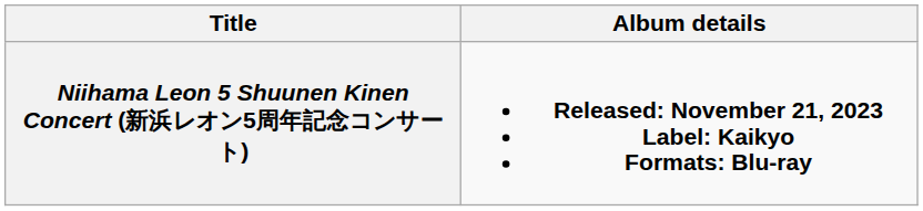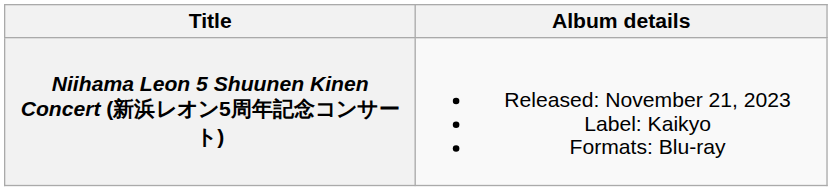 <table class="wikitable plainrowheaders" style="text-align:center;">
 <tr>
 <th scope="col" style="width:19em;">Title</th>
 <th scope="col" style="width:19em;">Album details</th>
 </tr>
 <tr>
 <th scope="row"><em>Niihama Leon 5 Shuunen Kinen Concert</em> (新浜レオン5周年記念コンサート)</th>
-<td><strong><br><ul><li>Released: November 21, 2023</li><li>Label: Kaikyo</li><li>Formats: Blu-ray</li></ul></strong></td>
+<td><br><ul><li>Released: November 21, 2023</li><li>Label: Kaikyo</li><li>Formats: Blu-ray</li></ul></td>
 </tr>
 </table>
